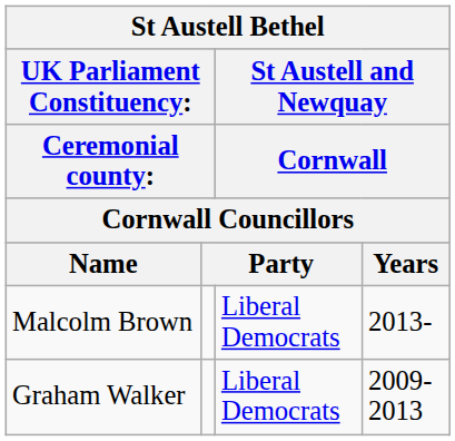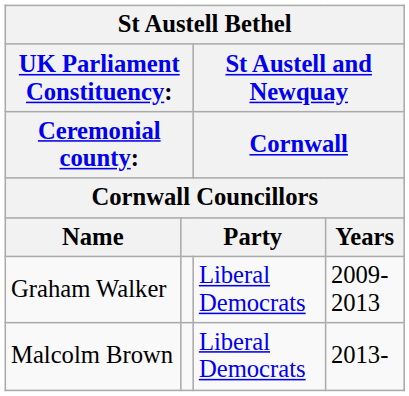 <table class="wikitable vcard" border="1" cellpadding="2" cellspacing="0" align="right" width="260" style="margin-left:0.5em;">
 <tr>
 <th class="fn org" colspan=4 align=center bgcolor="#ff9999"><strong>St Austell Bethel</strong></th>
 </tr>
 <tr class="note">
 <th colspan=2><a href='#'>UK Parliament Constituency</a>:</th>
 <th colspan=2><a href='#'>St Austell and Newquay</a></th>
 </tr>
 <tr class="note">
 <th colspan=2><a href='#'>Ceremonial county</a>:</th>
 <th colspan=2><a href='#'>Cornwall</a></th>
 </tr>
 <tr>
 <th colspan=4 align=center bgcolor="#ff9999">Cornwall Councillors</th>
 </tr>
 <tr>
 <th>Name</th>
 <th colspan=2>Party</th>
 <th>Years</th>
 </tr>
 <tr>
+<td>Graham Walker</td>
+<td style="background-color: "></td>
+<td><a href='#'>Liberal Democrats</a></td>
+<td>2009-2013</td>
+</tr>
+<tr>
 <td>Malcolm Brown</td>
 <td style="background-color: "></td>
 <td><a href='#'>Liberal Democrats</a></td>
 <td>2013-</td>
 </tr>
-<tr>
-<td>Graham Walker</td>
-<td style="background-color: "></td>
-<td><a href='#'>Liberal Democrats</a></td>
-<td>2009-2013</td>
-</tr>
 </table>
